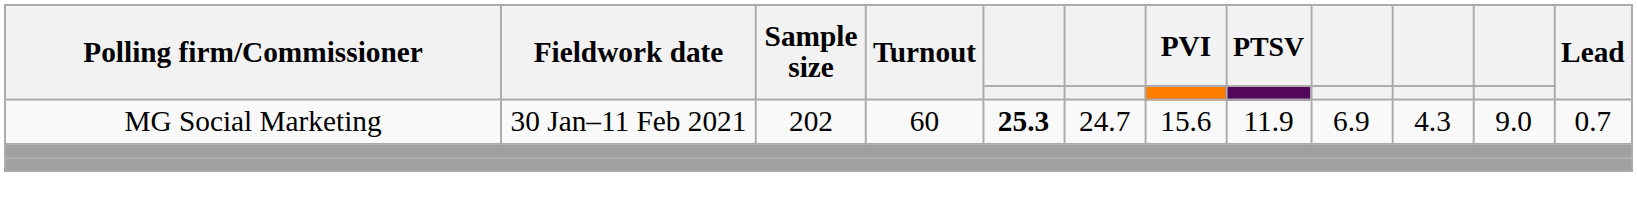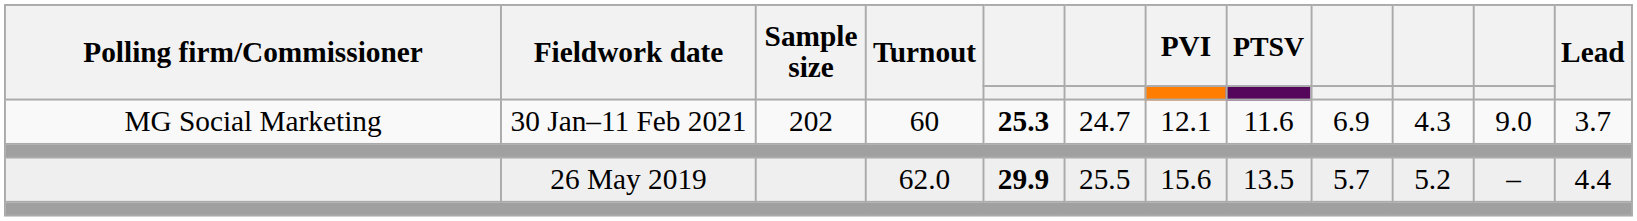 <table class="wikitable collapsible collapsed" style="text-align:center; font-size:95%; line-height:16px;">
 <tr style="height:42px;">
 <th style="width:250px;" rowspan="2">Polling firm/Commissioner</th>
 <th style="width:125px;" rowspan="2">Fieldwork date</th>
 <th style="width:50px;" rowspan="2">Sample size</th>
 <th style="width:45px;" rowspan="2">Turnout</th>
 <th style="width:35px;"></th>
 <th style="width:35px;"></th>
 <th style="width:35px;">PVI</th>
 <th style="width:35px; font-size:95%;">PTSV</th>
 <th style="width:35px;"></th>
 <th style="width:35px;"></th>
 <th style="width:35px;"></th>
 <th style="width:30px;" rowspan="2">Lead</th>
 </tr>
 <tr>
 <th style="color:inherit;background:"></th>
 <th style="color:inherit;background:"></th>
 <th style="color:inherit;background:#FF7D01;"></th>
 <th style="color:inherit;background:#54075B;"></th>
 <th style="color:inherit;background:"></th>
 <th style="color:inherit;background:"></th>
 <th style="color:inherit;background:"></th>
 </tr>
 <tr>
 <td>MG Social Marketing</td>
 <td>30 Jan–11 Feb 2021</td>
 <td>202</td>
 <td>60</td>
 <td><strong>25.3</strong><br></td>
 <td>24.7<br></td>
-<td>15.6<br></td>
-<td>11.9<br></td>
+<td>12.1<br></td>
+<td>11.6<br></td>
 <td>6.9<br></td>
 <td>4.3<br></td>
 <td>9.0<br></td>
-<td style="background:">0.7</td>
+<td style="background:">3.7</td>
 </tr>
 <tr>
 <td colspan="12" style="background:#A0A0A0"></td>
+</tr>
+<tr style="background:#EFEFEF;">
+<td><strong></strong></td>
+<td>26 May 2019</td>
+<td></td>
+<td>62.0</td>
+<td><strong>29.9</strong><br></td>
+<td>25.5<br></td>
+<td>15.6<br></td>
+<td>13.5<br></td>
+<td>5.7<br></td>
+<td>5.2<br></td>
+<td>–</td>
+<td style="background:">4.4</td>
 </tr>
 <tr>
 <td colspan="12" style="background:#A0A0A0"></td>
 </tr>
 </table>
